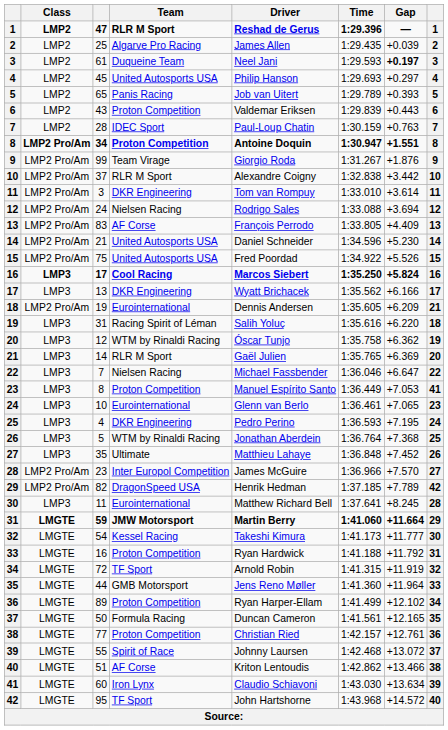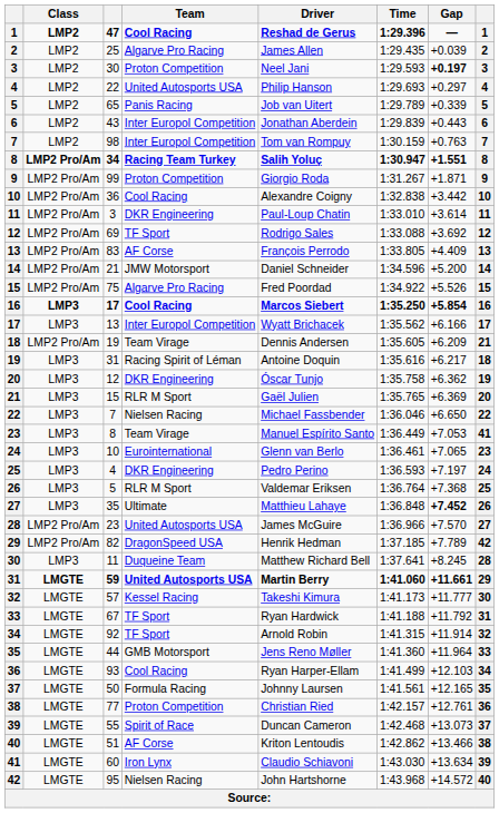 <table class="wikitable sortable" style="font-size: 90%;">
 <tr>
 <th></th>
 <th class="unsortable">Class</th>
 <th class="unsortable"></th>
 <th class="unsortable">Team</th>
 <th class="unsortable">Driver</th>
 <th class="unsortable">Time</th>
 <th class="unsortable">Gap</th>
 <th></th>
 </tr>
 <tr style="font-weight: bold;">
 <th>1</th>
 <td align="center">LMP2</td>
 <td align="center">47</td>
-<td> RLR M Sport</td>
+<td> <a href='#'>Cool Racing</a></td>
 <td> <a href='#'>Reshad de Gerus</a></td>
 <td>1:29.396</td>
 <td align="center">—</td>
 <th>1</th>
 </tr>
 <tr>
 <th>2</th>
 <td align="center">LMP2</td>
 <td align="center">25</td>
 <td> <a href='#'>Algarve Pro Racing</a></td>
 <td> <a href='#'>James Allen</a></td>
 <td>1:29.435</td>
 <td>+0.039</td>
 <th>2</th>
 </tr>
 <tr>
 <th>3</th>
 <td align="center">LMP2</td>
-<td align="center">61</td>
-<td> <a href='#'>Duqueine Team</a></td>
+<td align="center">30</td>
+<td> <a href='#'>Proton Competition</a></td>
 <td> <a href='#'>Neel Jani</a></td>
 <td>1:29.593</td>
 <td><strong>+0.197</strong></td>
 <th>3</th>
 </tr>
 <tr>
 <th>4</th>
 <td align="center">LMP2</td>
-<td align="center">45</td>
+<td align="center">22</td>
 <td> <a href='#'>United Autosports USA</a></td>
 <td> <a href='#'>Philip Hanson</a></td>
 <td>1:29.693</td>
 <td>+0.297</td>
 <th>4</th>
 </tr>
 <tr>
 <th>5</th>
 <td align="center">LMP2</td>
 <td align="center">65</td>
 <td> <a href='#'>Panis Racing</a></td>
 <td> <a href='#'>Job van Uitert</a></td>
 <td>1:29.789</td>
-<td>+0.393</td>
+<td>+0.339</td>
 <th>5</th>
 </tr>
 <tr>
 <th>6</th>
 <td align="center">LMP2</td>
 <td align="center">43</td>
-<td> <a href='#'>Proton Competition</a></td>
-<td> Valdemar Eriksen</td>
+<td> <a href='#'>Inter Europol Competition</a></td>
+<td> <a href='#'>Jonathan Aberdein</a></td>
 <td>1:29.839</td>
 <td>+0.443</td>
 <th>6</th>
 </tr>
 <tr>
 <th>7</th>
 <td align="center">LMP2</td>
-<td align="center">28</td>
-<td> <a href='#'>IDEC Sport</a></td>
-<td> <a href='#'>Paul-Loup Chatin</a></td>
+<td align="center">98</td>
+<td> <a href='#'>Inter Europol Competition</a></td>
+<td> <a href='#'>Tom van Rompuy</a></td>
 <td>1:30.159</td>
 <td>+0.763</td>
 <th>7</th>
 </tr>
 <tr style="font-weight: bold;">
 <th>8</th>
 <td align="center">LMP2 Pro/Am</td>
 <td align="center">34</td>
-<td> <a href='#'>Proton Competition</a></td>
-<td> Antoine Doquin</td>
+<td> <a href='#'>Racing Team Turkey</a></td>
+<td> <a href='#'>Salih Yoluç</a></td>
 <td>1:30.947</td>
 <td>+1.551</td>
 <th>8</th>
 </tr>
 <tr>
 <th>9</th>
 <td align="center">LMP2 Pro/Am</td>
 <td align="center">99</td>
-<td> Team Virage</td>
+<td> <a href='#'>Proton Competition</a></td>
 <td> <a href='#'>Giorgio Roda</a></td>
 <td>1:31.267</td>
-<td>+1.876</td>
+<td>+1.871</td>
 <th>9</th>
 </tr>
 <tr>
 <th>10</th>
 <td align="center">LMP2 Pro/Am</td>
-<td align="center">37</td>
-<td> RLR M Sport</td>
+<td align="center">36</td>
+<td> <a href='#'>Cool Racing</a></td>
 <td> Alexandre Coigny</td>
 <td>1:32.838</td>
 <td>+3.442</td>
 <th>10</th>
 </tr>
 <tr>
 <th>11</th>
 <td align="center">LMP2 Pro/Am</td>
 <td align="center">3</td>
 <td> <a href='#'>DKR Engineering</a></td>
-<td> <a href='#'>Tom van Rompuy</a></td>
+<td> <a href='#'>Paul-Loup Chatin</a></td>
 <td>1:33.010</td>
 <td>+3.614</td>
 <th>11</th>
 </tr>
 <tr>
 <th>12</th>
 <td align="center">LMP2 Pro/Am</td>
-<td align="center">24</td>
-<td> Nielsen Racing</td>
+<td align="center">69</td>
+<td> <a href='#'>TF Sport</a></td>
 <td> <a href='#'>Rodrigo Sales</a></td>
 <td>1:33.088</td>
-<td>+3.694</td>
+<td>+3.692</td>
 <th>12</th>
 </tr>
 <tr>
 <th>13</th>
 <td align="center">LMP2 Pro/Am</td>
 <td align="center">83</td>
 <td> <a href='#'>AF Corse</a></td>
 <td> <a href='#'>François Perrodo</a></td>
 <td>1:33.805</td>
 <td>+4.409</td>
 <th>13</th>
 </tr>
 <tr>
 <th>14</th>
 <td align="center">LMP2 Pro/Am</td>
 <td align="center">21</td>
-<td> <a href='#'>United Autosports USA</a></td>
+<td> JMW Motorsport</td>
 <td> Daniel Schneider</td>
 <td>1:34.596</td>
-<td>+5.230</td>
+<td>+5.200</td>
 <th>14</th>
 </tr>
 <tr>
 <th>15</th>
 <td align="center">LMP2 Pro/Am</td>
 <td align="center">75</td>
-<td> <a href='#'>United Autosports USA</a></td>
+<td> <a href='#'>Algarve Pro Racing</a></td>
 <td> Fred Poordad</td>
 <td>1:34.922</td>
 <td>+5.526</td>
 <th>15</th>
 </tr>
 <tr style="font-weight: bold;">
 <th>16</th>
 <td align="center">LMP3</td>
 <td align="center">17</td>
 <td> <a href='#'>Cool Racing</a></td>
 <td> <a href='#'>Marcos Siebert</a></td>
 <td>1:35.250</td>
-<td>+5.824</td>
+<td>+5.854</td>
 <th>16</th>
 </tr>
 <tr>
 <th>17</th>
 <td align="center">LMP3</td>
 <td align="center">13</td>
-<td> <a href='#'>DKR Engineering</a></td>
+<td> <a href='#'>Inter Europol Competition</a></td>
 <td> <a href='#'>Wyatt Brichacek</a></td>
 <td>1:35.562</td>
 <td>+6.166</td>
 <th>17</th>
 </tr>
 <tr>
 <th>18</th>
 <td align="center">LMP2 Pro/Am</td>
 <td align="center">19</td>
-<td> <a href='#'>Eurointernational</a></td>
+<td> Team Virage</td>
 <td> Dennis Andersen</td>
 <td>1:35.605</td>
 <td>+6.209</td>
 <th>21</th>
 </tr>
 <tr>
 <th>19</th>
 <td align="center">LMP3</td>
 <td align="center">31</td>
 <td> Racing Spirit of Léman</td>
-<td> <a href='#'>Salih Yoluç</a></td>
+<td> Antoine Doquin</td>
 <td>1:35.616</td>
-<td>+6.220</td>
+<td>+6.217</td>
 <th>18</th>
 </tr>
 <tr>
 <th>20</th>
 <td align="center">LMP3</td>
 <td align="center">12</td>
-<td> WTM by Rinaldi Racing</td>
+<td> <a href='#'>DKR Engineering</a></td>
 <td> <a href='#'>Óscar Tunjo</a></td>
 <td>1:35.758</td>
 <td>+6.362</td>
 <th>19</th>
 </tr>
 <tr>
 <th>21</th>
 <td align="center">LMP3</td>
-<td align="center">14</td>
+<td align="center">15</td>
 <td> RLR M Sport</td>
 <td> <a href='#'>Gaël Julien</a></td>
 <td>1:35.765</td>
 <td>+6.369</td>
 <th>20</th>
 </tr>
 <tr>
 <th>22</th>
 <td align="center">LMP3</td>
 <td align="center">7</td>
 <td> Nielsen Racing</td>
 <td> <a href='#'>Michael Fassbender</a></td>
 <td>1:36.046</td>
-<td>+6.647</td>
+<td>+6.650</td>
 <th>22</th>
 </tr>
 <tr>
 <th>23</th>
 <td align="center">LMP3</td>
 <td align="center">8</td>
-<td> <a href='#'>Proton Competition</a></td>
+<td> Team Virage</td>
 <td> <a href='#'>Manuel Espírito Santo</a></td>
 <td>1:36.449</td>
 <td>+7.053</td>
 <th>41</th>
 </tr>
 <tr>
 <th>24</th>
 <td align="center">LMP3</td>
 <td align="center">10</td>
 <td> <a href='#'>Eurointernational</a></td>
 <td> <a href='#'>Glenn van Berlo</a></td>
 <td>1:36.461</td>
 <td>+7.065</td>
 <th>23</th>
 </tr>
 <tr>
 <th>25</th>
 <td align="center">LMP3</td>
 <td align="center">4</td>
 <td> <a href='#'>DKR Engineering</a></td>
 <td> <a href='#'>Pedro Perino</a></td>
 <td>1:36.593</td>
-<td>+7.195</td>
+<td>+7.197</td>
 <th>24</th>
 </tr>
 <tr>
 <th>26</th>
 <td align="center">LMP3</td>
 <td align="center">5</td>
-<td> WTM by Rinaldi Racing</td>
-<td> <a href='#'>Jonathan Aberdein</a></td>
+<td> RLR M Sport</td>
+<td> Valdemar Eriksen</td>
 <td>1:36.764</td>
 <td>+7.368</td>
 <th>25</th>
 </tr>
 <tr>
 <th>27</th>
 <td align="center">LMP3</td>
 <td align="center">35</td>
 <td> Ultimate</td>
 <td> <a href='#'>Matthieu Lahaye</a></td>
 <td>1:36.848</td>
-<td>+7.452</td>
+<td><strong>+7.452</strong></td>
 <th>26</th>
 </tr>
 <tr>
 <th>28</th>
 <td align="center">LMP2 Pro/Am</td>
 <td align="center">23</td>
-<td> <a href='#'>Inter Europol Competition</a></td>
+<td> <a href='#'>United Autosports USA</a></td>
 <td> James McGuire</td>
 <td>1:36.966</td>
 <td>+7.570</td>
 <th>27</th>
 </tr>
 <tr>
 <th>29</th>
 <td align="center">LMP2 Pro/Am</td>
 <td align="center">82</td>
 <td> <a href='#'>DragonSpeed USA</a></td>
 <td> Henrik Hedman</td>
 <td>1:37.185</td>
 <td>+7.789</td>
 <th>42</th>
 </tr>
 <tr>
 <th>30</th>
 <td align="center">LMP3</td>
 <td align="center">11</td>
-<td> <a href='#'>Eurointernational</a></td>
+<td> <a href='#'>Duqueine Team</a></td>
 <td> Matthew Richard Bell</td>
 <td>1:37.641</td>
 <td>+8.245</td>
 <th>28</th>
 </tr>
 <tr style="font-weight: bold;">
 <th>31</th>
 <td align="center">LMGTE</td>
 <td align="center">59</td>
-<td> JMW Motorsport</td>
+<td> <a href='#'>United Autosports USA</a></td>
 <td> Martin Berry</td>
 <td>1:41.060</td>
-<td>+11.664</td>
+<td>+11.661</td>
 <th>29</th>
 </tr>
 <tr>
 <th>32</th>
 <td align="center">LMGTE</td>
-<td align="center">54</td>
+<td align="center">57</td>
 <td> <a href='#'>Kessel Racing</a></td>
 <td> <a href='#'>Takeshi Kimura</a></td>
 <td>1:41.173</td>
 <td>+11.777</td>
 <th>30</th>
 </tr>
 <tr>
 <th>33</th>
 <td align="center">LMGTE</td>
-<td align="center">16</td>
-<td> <a href='#'>Proton Competition</a></td>
+<td align="center">67</td>
+<td> <a href='#'>TF Sport</a></td>
 <td> Ryan Hardwick</td>
 <td>1:41.188</td>
 <td>+11.792</td>
 <th>31</th>
 </tr>
 <tr>
 <th>34</th>
 <td align="center">LMGTE</td>
-<td align="center">72</td>
+<td align="center">92</td>
 <td> <a href='#'>TF Sport</a></td>
 <td> Arnold Robin</td>
 <td>1:41.315</td>
-<td>+11.919</td>
+<td>+11.914</td>
 <th>32</th>
 </tr>
 <tr>
 <th>35</th>
 <td align="center">LMGTE</td>
 <td align="center">44</td>
 <td> GMB Motorsport</td>
 <td> <a href='#'>Jens Reno Møller</a></td>
 <td>1:41.360</td>
 <td>+11.964</td>
 <th>33</th>
 </tr>
 <tr>
 <th>36</th>
 <td align="center">LMGTE</td>
-<td align="center">89</td>
-<td> <a href='#'>Proton Competition</a></td>
+<td align="center">93</td>
+<td> <a href='#'>Cool Racing</a></td>
 <td> Ryan Harper-Ellam</td>
 <td>1:41.499</td>
-<td>+12.102</td>
+<td>+12.103</td>
 <th>34</th>
 </tr>
 <tr>
 <th>37</th>
 <td align="center">LMGTE</td>
 <td align="center">50</td>
 <td> Formula Racing</td>
-<td> Duncan Cameron</td>
+<td> Johnny Laursen</td>
 <td>1:41.561</td>
 <td>+12.165</td>
 <th>35</th>
 </tr>
 <tr>
 <th>38</th>
 <td align="center">LMGTE</td>
 <td align="center">77</td>
 <td> <a href='#'>Proton Competition</a></td>
 <td> <a href='#'>Christian Ried</a></td>
 <td>1:42.157</td>
 <td>+12.761</td>
 <th>36</th>
 </tr>
 <tr>
 <th>39</th>
 <td align="center">LMGTE</td>
 <td align="center">55</td>
 <td> <a href='#'>Spirit of Race</a></td>
-<td> Johnny Laursen</td>
+<td> Duncan Cameron</td>
 <td>1:42.468</td>
-<td>+13.072</td>
+<td>+13.073</td>
 <th>37</th>
 </tr>
 <tr>
 <th>40</th>
 <td align="center">LMGTE</td>
 <td align="center">51</td>
 <td> <a href='#'>AF Corse</a></td>
 <td> Kriton Lentoudis</td>
 <td>1:42.862</td>
 <td>+13.466</td>
 <th>38</th>
 </tr>
 <tr>
 <th>41</th>
 <td align="center">LMGTE</td>
 <td align="center">60</td>
 <td> <a href='#'>Iron Lynx</a></td>
 <td> <a href='#'>Claudio Schiavoni</a></td>
 <td>1:43.030</td>
 <td>+13.634</td>
 <th>39</th>
 </tr>
 <tr>
 <th>42</th>
 <td align="center">LMGTE</td>
 <td align="center">95</td>
-<td> <a href='#'>TF Sport</a></td>
+<td> Nielsen Racing</td>
 <td> John Hartshorne</td>
 <td>1:43.968</td>
 <td>+14.572</td>
 <th>40</th>
 </tr>
 <tr>
 <th colspan="8">Source:</th>
 </tr>
 </table>
